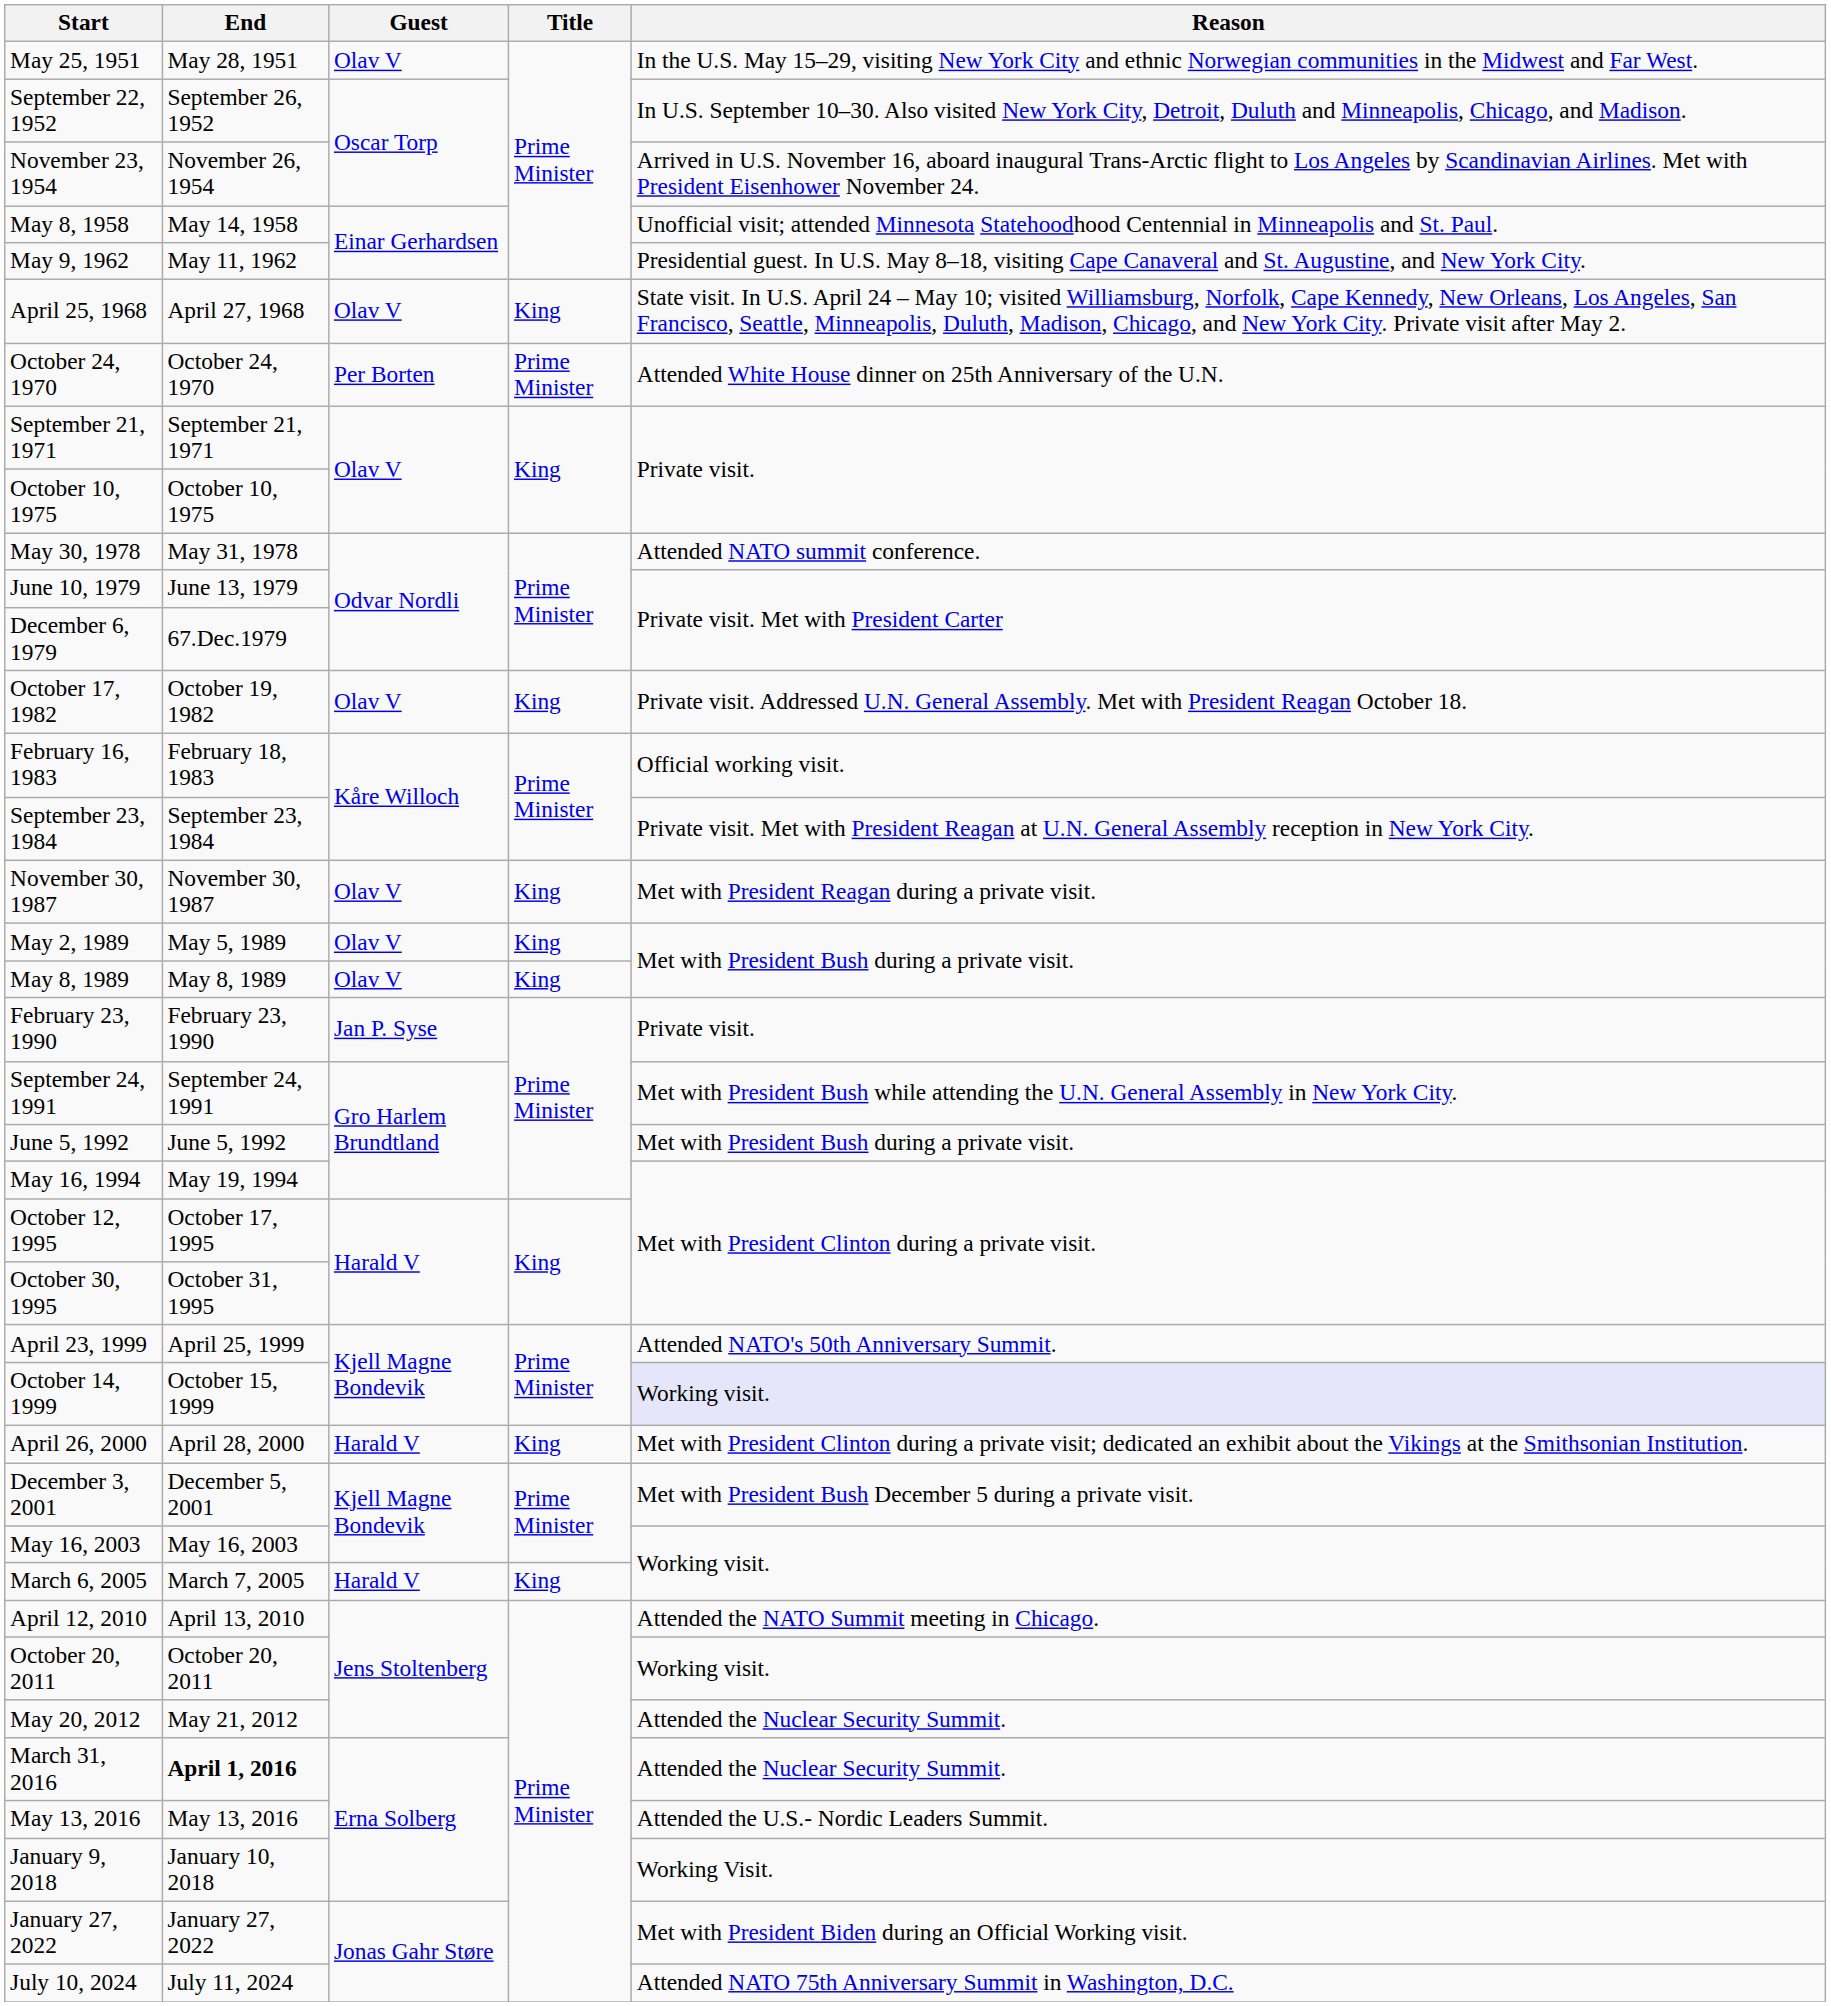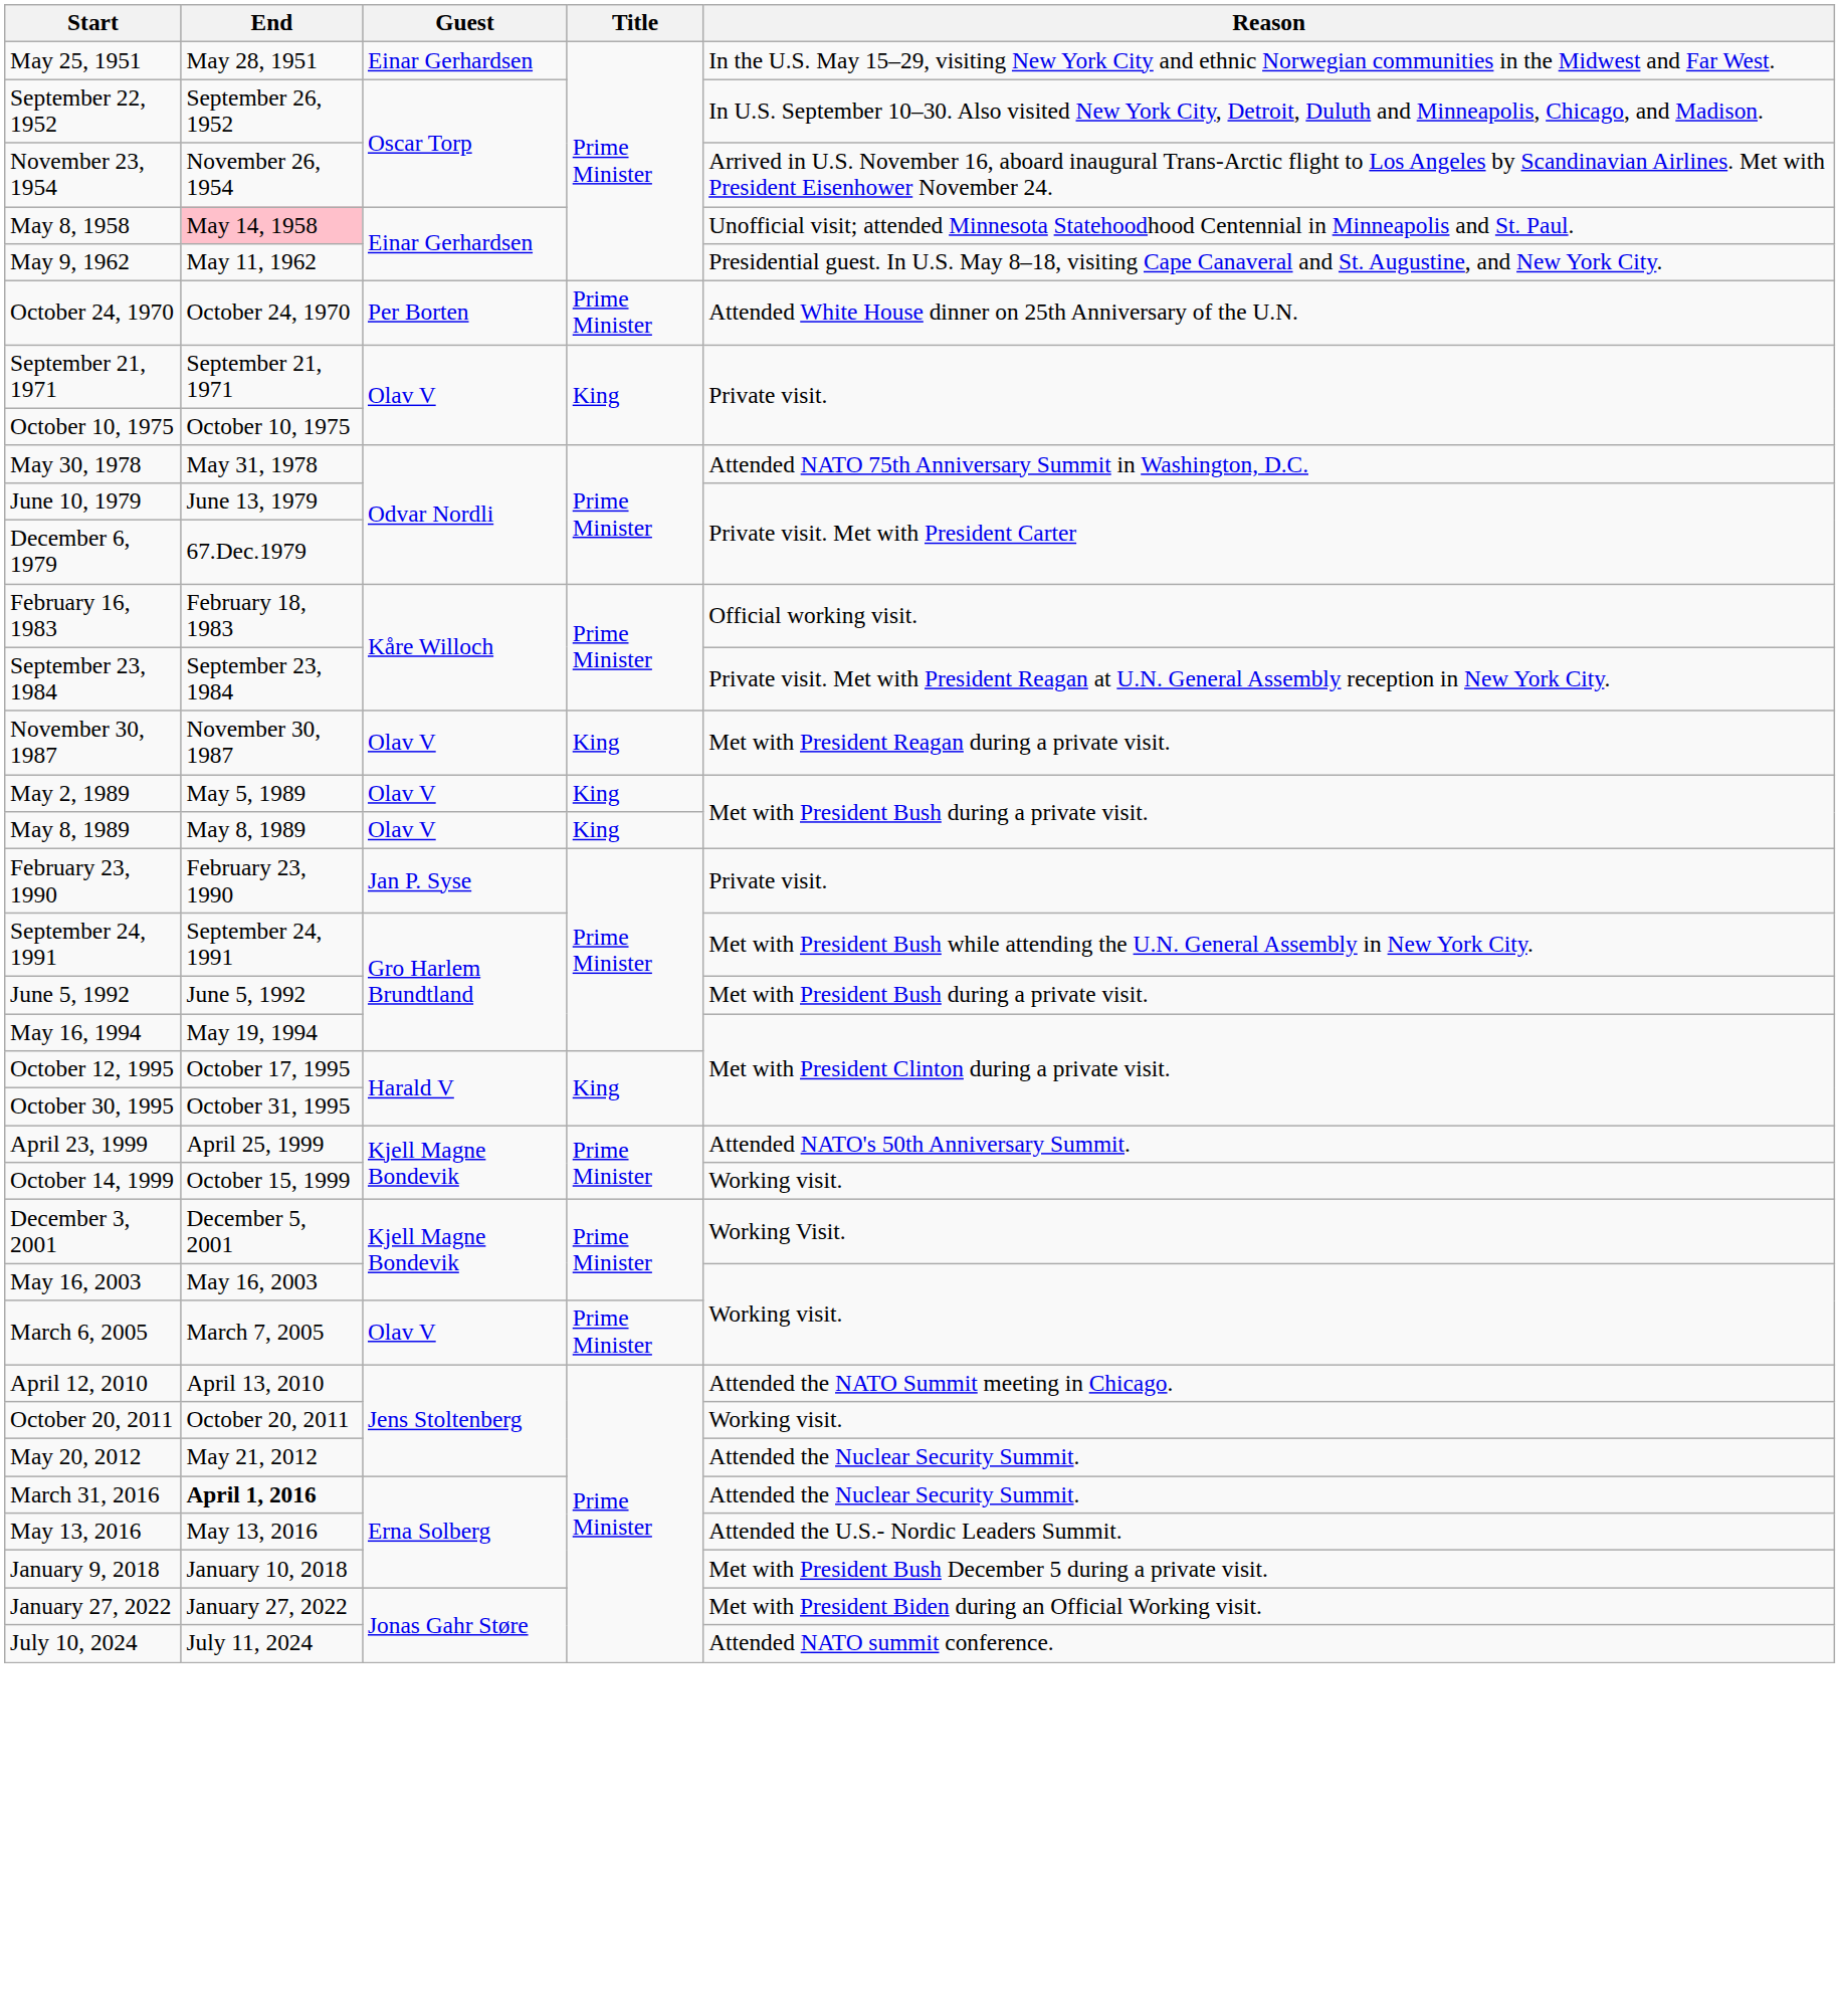 <table class="wikitable sortable">
 <tr>
 <th>Start</th>
 <th>End</th>
 <th>Guest</th>
 <th>Title</th>
 <th>Reason</th>
 </tr>
 <tr>
 <td>May 25, 1951</td>
 <td>May 28, 1951</td>
-<td><a href='#'>Olav V</a></td>
+<td><a href='#'>Einar Gerhardsen</a></td>
 <td rowspan=5><a href='#'>Prime Minister</a></td>
 <td>In the U.S. May 15–29, visiting <a href='#'>New York City</a> and ethnic <a href='#'>Norwegian communities</a> in the <a href='#'>Midwest</a> and <a href='#'>Far West</a>.</td>
 </tr>
 <tr>
 <td>September 22, 1952</td>
 <td>September 26, 1952</td>
 <td rowspan=2><a href='#'>Oscar Torp</a></td>
 <td>In U.S. September 10–30. Also visited <a href='#'>New York City</a>, <a href='#'>Detroit</a>, <a href='#'>Duluth</a> and <a href='#'>Minneapolis</a>, <a href='#'>Chicago</a>, and <a href='#'>Madison</a>.</td>
 </tr>
 <tr>
 <td>November 23, 1954</td>
 <td>November 26, 1954</td>
 <td>Arrived in U.S. November 16, aboard inaugural Trans-Arctic flight to <a href='#'>Los Angeles</a> by <a href='#'>Scandinavian Airlines</a>. Met with <a href='#'>President Eisenhower</a> November 24.</td>
 </tr>
 <tr>
 <td>May 8, 1958</td>
-<td>May 14, 1958</td>
+<td style="background: pink;">May 14, 1958</td>
 <td rowspan=2><a href='#'>Einar Gerhardsen</a></td>
 <td>Unofficial visit; attended <a href='#'>Minnesota</a> <a href='#'>Statehood</a>hood Centennial in <a href='#'>Minneapolis</a> and <a href='#'>St. Paul</a>.</td>
 </tr>
 <tr>
 <td>May 9, 1962</td>
 <td>May 11, 1962</td>
 <td>Presidential guest. In U.S. May 8–18, visiting <a href='#'>Cape Canaveral</a> and <a href='#'>St. Augustine</a>, and <a href='#'>New York City</a>.</td>
-</tr>
-<tr>
-<td>April 25, 1968</td>
-<td>April 27, 1968</td>
-<td><a href='#'>Olav V</a></td>
-<td><a href='#'>King</a></td>
-<td>State visit. In U.S. April 24 – May 10; visited <a href='#'>Williamsburg</a>, <a href='#'>Norfolk</a>, <a href='#'>Cape Kennedy</a>, <a href='#'>New Orleans</a>, <a href='#'>Los Angeles</a>, <a href='#'>San Francisco</a>, <a href='#'>Seattle</a>, <a href='#'>Minneapolis</a>, <a href='#'>Duluth</a>, <a href='#'>Madison</a>, <a href='#'>Chicago</a>, and <a href='#'>New York City</a>. Private visit after May 2.</td>
 </tr>
 <tr>
 <td>October 24, 1970</td>
 <td>October 24, 1970</td>
 <td><a href='#'>Per Borten</a></td>
 <td><a href='#'>Prime Minister</a></td>
 <td>Attended <a href='#'>White House</a> dinner on 25th Anniversary of the U.N.</td>
 </tr>
 <tr>
 <td>September 21, 1971</td>
 <td>September 21, 1971</td>
 <td rowspan=2><a href='#'>Olav V</a></td>
 <td rowspan="2"><a href='#'>King</a></td>
 <td rowspan=2>Private visit.</td>
 </tr>
 <tr>
 <td>October 10, 1975</td>
 <td>October 10, 1975</td>
 </tr>
 <tr>
 <td>May 30, 1978</td>
 <td>May 31, 1978</td>
 <td rowspan=3><a href='#'>Odvar Nordli</a></td>
 <td rowspan="3"><a href='#'>Prime Minister</a></td>
-<td>Attended <a href='#'>NATO summit</a> conference.</td>
+<td>Attended <a href='#'>NATO 75th Anniversary Summit</a> in <a href='#'>Washington, D.C.</a></td>
 </tr>
 <tr>
 <td>June 10, 1979</td>
 <td>June 13, 1979</td>
 <td rowspan=2>Private visit. Met with <a href='#'>President Carter</a></td>
 </tr>
 <tr>
 <td>December 6, 1979</td>
 <td>67.Dec.1979</td>
-</tr>
-<tr>
-<td>October 17, 1982</td>
-<td>October 19, 1982</td>
-<td><a href='#'>Olav V</a></td>
-<td><a href='#'>King</a></td>
-<td>Private visit. Addressed <a href='#'>U.N. General Assembly</a>. Met with <a href='#'>President Reagan</a> October 18.</td>
 </tr>
 <tr>
 <td>February 16, 1983</td>
 <td>February 18, 1983</td>
 <td rowspan=2><a href='#'>Kåre Willoch</a></td>
 <td rowspan="2"><a href='#'>Prime Minister</a></td>
 <td>Official working visit.</td>
 </tr>
 <tr>
 <td>September 23, 1984</td>
 <td>September 23, 1984</td>
 <td>Private visit. Met with <a href='#'>President Reagan</a> at <a href='#'>U.N. General Assembly</a> reception in <a href='#'>New York City</a>.</td>
 </tr>
 <tr>
 <td>November 30, 1987</td>
 <td>November 30, 1987</td>
 <td><a href='#'>Olav V</a></td>
 <td><a href='#'>King</a></td>
 <td>Met with <a href='#'>President Reagan</a> during a private visit.</td>
 </tr>
 <tr>
 <td>May 2, 1989</td>
 <td>May 5, 1989</td>
 <td><a href='#'>Olav V</a></td>
 <td><a href='#'>King</a></td>
 <td rowspan=2>Met with <a href='#'>President Bush</a> during a private visit.</td>
 </tr>
 <tr>
 <td>May 8, 1989</td>
 <td>May 8, 1989</td>
 <td><a href='#'>Olav V</a></td>
 <td><a href='#'>King</a></td>
 </tr>
 <tr>
 <td>February 23, 1990</td>
 <td>February 23, 1990</td>
 <td><a href='#'>Jan P. Syse</a></td>
 <td rowspan="4"><a href='#'>Prime Minister</a></td>
 <td>Private visit.</td>
 </tr>
 <tr>
 <td>September 24, 1991</td>
 <td>September 24, 1991</td>
 <td rowspan=3><a href='#'>Gro Harlem Brundtland</a></td>
 <td>Met with <a href='#'>President Bush</a> while attending the <a href='#'>U.N. General Assembly</a> in <a href='#'>New York City</a>.</td>
 </tr>
 <tr>
 <td>June 5, 1992</td>
 <td>June 5, 1992</td>
 <td>Met with <a href='#'>President Bush</a> during a private visit.</td>
 </tr>
 <tr>
 <td>May 16, 1994</td>
 <td>May 19, 1994</td>
 <td rowspan=3>Met with <a href='#'>President Clinton</a> during a private visit.</td>
 </tr>
 <tr>
 <td>October 12, 1995</td>
 <td>October 17, 1995</td>
 <td rowspan=2><a href='#'>Harald V</a></td>
 <td rowspan="2"><a href='#'>King</a></td>
 </tr>
 <tr>
 <td>October 30, 1995</td>
 <td>October 31, 1995</td>
 </tr>
 <tr>
 <td>April 23, 1999</td>
 <td>April 25, 1999</td>
 <td rowspan=2><a href='#'>Kjell Magne Bondevik</a></td>
 <td rowspan=2><a href='#'>Prime Minister</a></td>
 <td>Attended <a href='#'>NATO's 50th Anniversary Summit</a>.</td>
 </tr>
 <tr>
 <td>October 14, 1999</td>
 <td>October 15, 1999</td>
-<td style="background: lavender;">Working visit.</td>
-</tr>
-<tr>
-<td>April 26, 2000</td>
-<td>April 28, 2000</td>
-<td><a href='#'>Harald V</a></td>
-<td><a href='#'>King</a></td>
-<td>Met with <a href='#'>President Clinton</a> during a private visit; dedicated an exhibit about the <a href='#'>Vikings</a> at the <a href='#'>Smithsonian Institution</a>.</td>
+<td>Working visit.</td>
 </tr>
 <tr>
 <td>December 3, 2001</td>
 <td>December 5, 2001</td>
 <td rowspan=2><a href='#'>Kjell Magne Bondevik</a></td>
 <td rowspan=2><a href='#'>Prime Minister</a></td>
-<td>Met with <a href='#'>President Bush</a> December 5 during a private visit.</td>
+<td>Working Visit.</td>
 </tr>
 <tr>
 <td>May 16, 2003</td>
 <td>May 16, 2003</td>
 <td rowspan=2>Working visit.</td>
 </tr>
 <tr>
 <td>March 6, 2005</td>
 <td>March 7, 2005</td>
-<td><a href='#'>Harald V</a></td>
-<td><a href='#'>King</a></td>
+<td><a href='#'>Olav V</a></td>
+<td><a href='#'>Prime Minister</a></td>
 </tr>
 <tr>
 <td>April 12, 2010</td>
 <td>April 13, 2010</td>
 <td rowspan=3><a href='#'>Jens Stoltenberg</a></td>
 <td rowspan="8"><a href='#'>Prime Minister</a></td>
 <td>Attended the <a href='#'>NATO Summit</a> meeting in <a href='#'>Chicago</a>.</td>
 </tr>
 <tr>
 <td>October 20, 2011</td>
 <td>October 20, 2011</td>
 <td>Working visit.</td>
 </tr>
 <tr>
 <td>May 20, 2012</td>
 <td>May 21, 2012</td>
 <td>Attended the <a href='#'>Nuclear Security Summit</a>.</td>
 </tr>
 <tr>
 <td>March 31, 2016</td>
 <td><strong>April 1, 2016</strong></td>
 <td rowspan="3"><a href='#'>Erna Solberg</a></td>
 <td>Attended the <a href='#'>Nuclear Security Summit</a>.</td>
 </tr>
 <tr>
 <td>May 13, 2016</td>
 <td>May 13, 2016</td>
 <td>Attended the U.S.- Nordic Leaders Summit.</td>
 </tr>
 <tr>
 <td>January 9, 2018</td>
 <td>January 10, 2018</td>
-<td>Working Visit.</td>
+<td>Met with <a href='#'>President Bush</a> December 5 during a private visit.</td>
 </tr>
 <tr>
 <td>January 27, 2022</td>
 <td>January 27, 2022</td>
 <td rowspan=4><a href='#'>Jonas Gahr Støre</a></td>
 <td>Met with <a href='#'>President Biden</a> during an Official Working visit.</td>
 </tr>
 <tr>
 <td>July 10, 2024</td>
 <td>July 11, 2024</td>
-<td>Attended <a href='#'>NATO 75th Anniversary Summit</a> in <a href='#'>Washington, D.C.</a></td>
+<td>Attended <a href='#'>NATO summit</a> conference.</td>
 </tr>
 </table>
